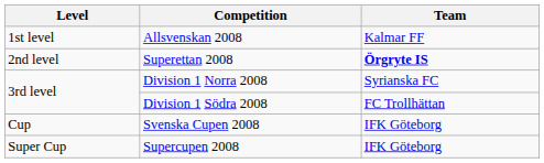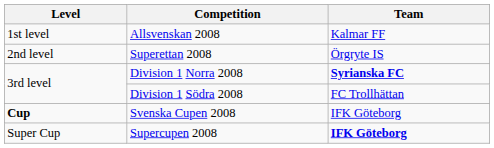 <table class="wikitable" style="text-align: left;">
 <tr>
 <th style="width: 150px;">Level</th>
 <th style="width: 250px;">Competition</th>
 <th style="width: 200px;">Team</th>
 </tr>
 <tr>
 <td>1st level</td>
 <td><a href='#'>Allsvenskan</a> 2008</td>
 <td><a href='#'>Kalmar FF</a></td>
 </tr>
 <tr>
 <td>2nd level</td>
 <td><a href='#'>Superettan</a> 2008</td>
-<td><strong><a href='#'>Örgryte IS</a></strong></td>
+<td><a href='#'>Örgryte IS</a></td>
 </tr>
 <tr>
 <td rowspan="2">3rd level</td>
 <td><a href='#'>Division 1</a> <a href='#'>Norra</a> 2008</td>
-<td><a href='#'>Syrianska FC</a></td>
+<td><strong><a href='#'>Syrianska FC</a></strong></td>
 </tr>
 <tr>
 <td><a href='#'>Division 1</a> <a href='#'>Södra</a> 2008</td>
 <td><a href='#'>FC Trollhättan</a></td>
 </tr>
 <tr>
-<td>Cup</td>
+<td><strong>Cup</strong></td>
 <td><a href='#'>Svenska Cupen</a> 2008</td>
 <td><a href='#'>IFK Göteborg</a></td>
 </tr>
 <tr>
 <td>Super Cup</td>
 <td><a href='#'>Supercupen</a> 2008</td>
-<td><a href='#'>IFK Göteborg</a></td>
+<td><strong><a href='#'>IFK Göteborg</a></strong></td>
 </tr>
 </table>
